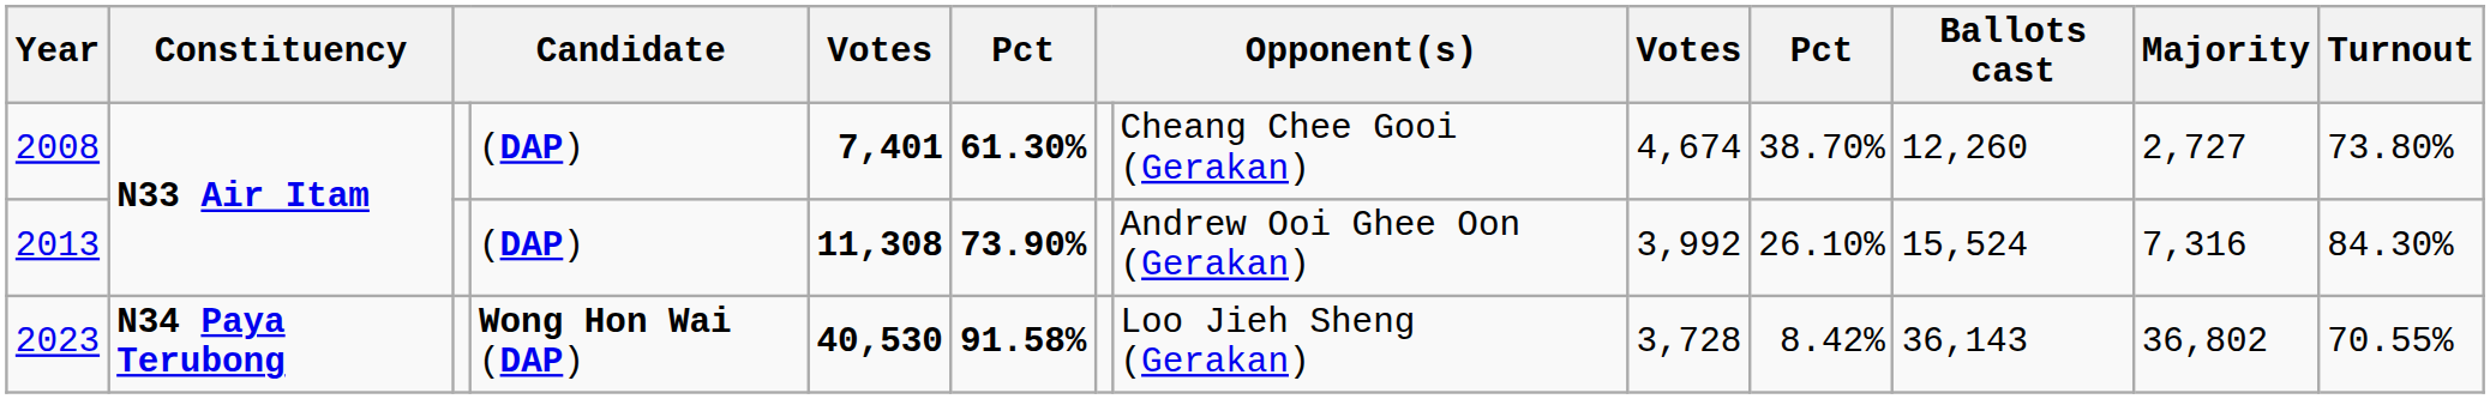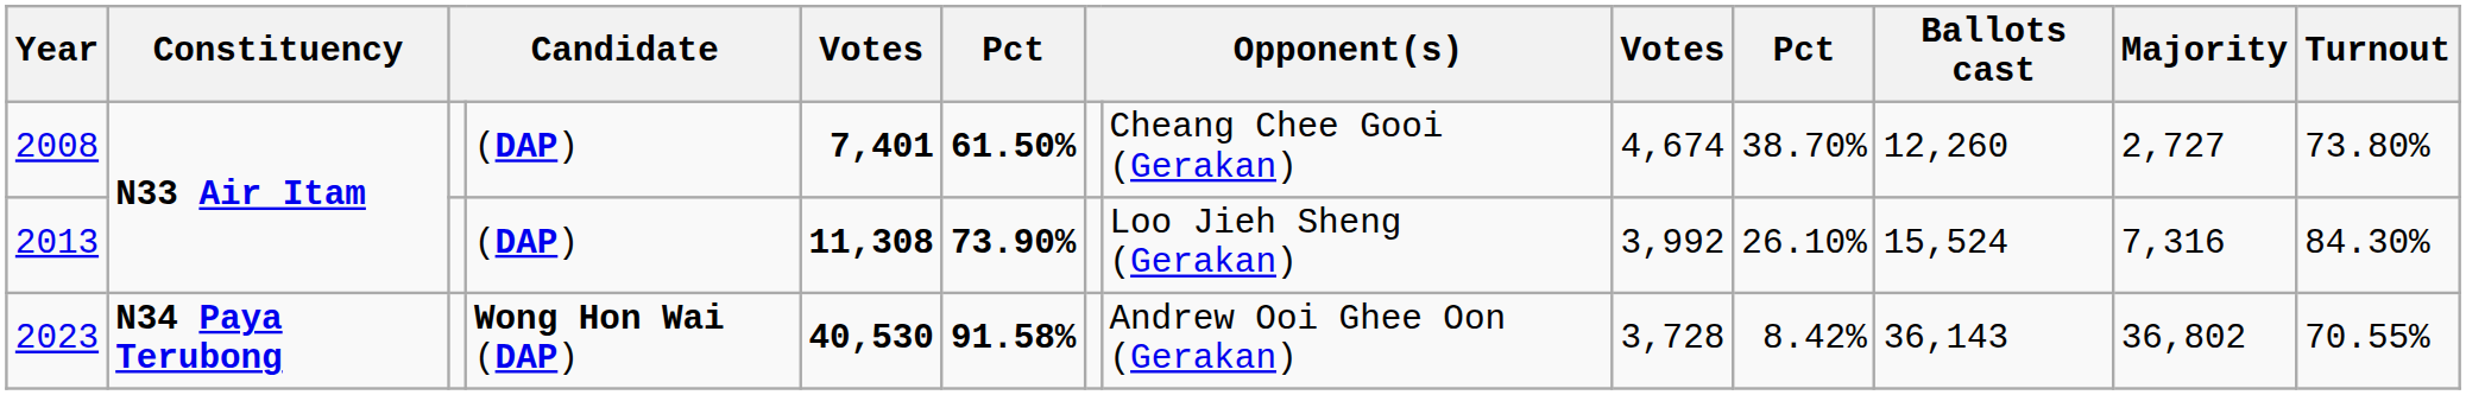 <table class="wikitable" style="margin:0.5em ; font-size:95%">
 <tr>
 <th>Year</th>
 <th>Constituency</th>
 <th colspan=2>Candidate</th>
 <th>Votes</th>
 <th>Pct</th>
 <th colspan=2>Opponent(s)</th>
 <th>Votes</th>
 <th>Pct</th>
 <th>Ballots cast</th>
 <th>Majority</th>
 <th>Turnout</th>
 </tr>
 <tr>
 <td><a href='#'>2008</a></td>
 <td rowspan=2><strong>N33 <a href='#'>Air Itam</a></strong></td>
 <td></td>
 <td> (<a href='#'><strong>DAP</strong></a>)</td>
 <td align="right"><strong>7,401</strong></td>
-<td><strong>61.30%</strong></td>
+<td><strong>61.50%</strong></td>
 <td></td>
 <td>Cheang Chee Gooi (<a href='#'>Gerakan</a>)</td>
 <td align="right">4,674</td>
 <td>38.70%</td>
 <td>12,260</td>
 <td>2,727</td>
 <td>73.80%</td>
 </tr>
 <tr>
 <td><a href='#'>2013</a></td>
 <td></td>
 <td> (<a href='#'><strong>DAP</strong></a>)</td>
 <td align="right"><strong>11,308</strong></td>
 <td><strong>73.90%</strong></td>
 <td></td>
-<td>Andrew Ooi Ghee Oon (<a href='#'>Gerakan</a>)</td>
+<td>Loo Jieh Sheng (<a href='#'>Gerakan</a>)</td>
 <td align="right">3,992</td>
 <td>26.10%</td>
 <td>15,524</td>
 <td>7,316</td>
 <td>84.30%</td>
 </tr>
 <tr>
 <td><a href='#'>2023</a></td>
 <td><strong>N34 <a href='#'>Paya Terubong</a></strong></td>
 <td></td>
 <td><strong>Wong Hon Wai</strong> (<a href='#'><strong>DAP</strong></a>)</td>
 <td align=right><strong>40,530</strong></td>
 <td><strong>91.58%</strong></td>
 <td></td>
-<td>Loo Jieh Sheng (<a href='#'>Gerakan</a>)</td>
+<td>Andrew Ooi Ghee Oon (<a href='#'>Gerakan</a>)</td>
 <td align=right>3,728</td>
 <td align=right>8.42%</td>
 <td>36,143</td>
 <td>36,802</td>
 <td>70.55%</td>
 </tr>
 </table>
